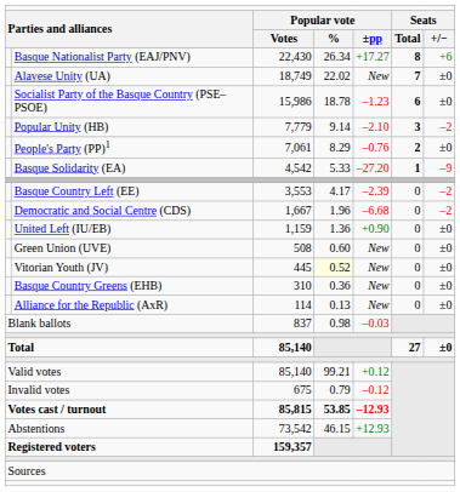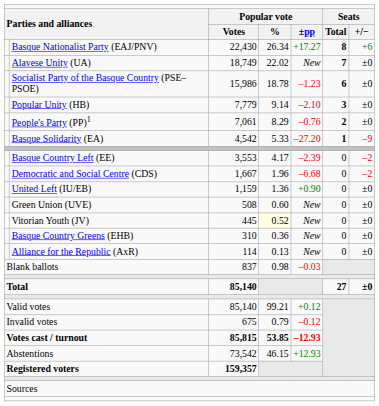 <table class="wikitable" style="text-align:right;">
 <tr>
 <td colspan="7"></td>
 </tr>
 <tr>
 <th style="text-align:left;" rowspan="2" colspan="2" width="525">Parties and alliances</th>
 <th colspan="3">Popular vote</th>
 <th colspan="2">Seats</th>
 </tr>
 <tr>
 <th width="75">Votes</th>
 <th width="45">%</th>
 <th width="45">±<a href='#'>pp</a></th>
 <th width="35">Total</th>
 <th width="35">+/−</th>
 </tr>
 <tr>
 <td width="1" style="color:inherit;background:"></td>
 <td align="left"><a href='#'>Basque Nationalist Party</a> (EAJ/PNV)</td>
 <td>22,430</td>
 <td>26.34</td>
 <td style="color:green;">+17.27</td>
 <td><strong>8</strong></td>
 <td style="color:green;">+6</td>
 </tr>
 <tr>
 <td style="color:inherit;background:"></td>
 <td align="left"><a href='#'>Alavese Unity</a> (UA)</td>
 <td>18,749</td>
 <td>22.02</td>
 <td><em>New</em></td>
 <td><strong>7</strong></td>
 <td>±0</td>
 </tr>
 <tr>
 <td style="color:inherit;background:"></td>
 <td align="left"><a href='#'>Socialist Party of the Basque Country</a> (PSE–PSOE)</td>
 <td>15,986</td>
 <td>18.78</td>
 <td style="color:red;">–1.23</td>
 <td><strong>6</strong></td>
 <td>±0</td>
 </tr>
 <tr>
 <td style="color:inherit;background:"></td>
 <td align="left"><a href='#'>Popular Unity</a> (HB)</td>
 <td>7,779</td>
 <td>9.14</td>
 <td style="color:red;">–2.10</td>
 <td><strong>3</strong></td>
-<td style="color:red;">–2</td>
+<td>±0</td>
 </tr>
 <tr>
 <td style="color:inherit;background:"></td>
 <td align="left"><a href='#'>People's Party</a> (PP)<sup>1</sup></td>
 <td>7,061</td>
 <td>8.29</td>
 <td style="color:red;">–0.76</td>
 <td><strong>2</strong></td>
 <td>±0</td>
 </tr>
 <tr>
 <td style="color:inherit;background:"></td>
 <td align="left"><a href='#'>Basque Solidarity</a> (EA)</td>
 <td>4,542</td>
 <td>5.33</td>
 <td style="color:red;">–27.20</td>
 <td><strong>1</strong></td>
 <td style="color:red;">–9</td>
 </tr>
 <tr>
 <td colspan="7" bgcolor="#C0C0C0"></td>
 </tr>
 <tr>
 <td style="color:inherit;background:"></td>
 <td align="left"><a href='#'>Basque Country Left</a> (EE)</td>
 <td>3,553</td>
 <td>4.17</td>
 <td style="color:red;">–2.39</td>
 <td>0</td>
 <td style="color:red;">–2</td>
 </tr>
 <tr>
 <td style="color:inherit;background:"></td>
 <td align="left"><a href='#'>Democratic and Social Centre</a> (CDS)</td>
 <td>1,667</td>
 <td>1.96</td>
 <td style="color:red;">–6.68</td>
 <td>0</td>
 <td style="color:red;">–2</td>
 </tr>
 <tr>
 <td style="color:inherit;background:"></td>
 <td align="left"><a href='#'>United Left</a> (IU/EB)</td>
 <td>1,159</td>
 <td>1.36</td>
 <td style="color:green;">+0.90</td>
 <td>0</td>
 <td>±0</td>
 </tr>
 <tr>
 <td style="color:inherit;background:"></td>
 <td align="left">Green Union (UVE)</td>
 <td>508</td>
 <td>0.60</td>
 <td><em>New</em></td>
 <td>0</td>
 <td>±0</td>
 </tr>
 <tr>
 <td bgcolor="white"></td>
 <td align="left">Vitorian Youth (JV)</td>
 <td>445</td>
 <td style="background: lightyellow;">0.52</td>
 <td><em>New</em></td>
 <td>0</td>
 <td>±0</td>
 </tr>
 <tr>
 <td style="color:inherit;background:"></td>
 <td align="left"><a href='#'>Basque Country Greens</a> (EHB)</td>
 <td>310</td>
 <td>0.36</td>
 <td><em>New</em></td>
 <td>0</td>
 <td>±0</td>
 </tr>
 <tr>
 <td style="color:inherit;background:"></td>
 <td align="left"><a href='#'>Alliance for the Republic</a> (AxR)</td>
 <td>114</td>
 <td>0.13</td>
 <td><em>New</em></td>
 <td>0</td>
 <td>±0</td>
 </tr>
 <tr>
 <td align="left" colspan="2">Blank ballots</td>
 <td>837</td>
 <td>0.98</td>
 <td style="color:red;">–0.03</td>
 <td bgcolor="#E9E9E9" colspan="2"></td>
 </tr>
 <tr>
 <td colspan="7" bgcolor="#E9E9E9"></td>
 </tr>
 <tr style="font-weight:bold;">
 <td align="left" colspan="2">Total</td>
 <td>85,140</td>
 <td bgcolor="#E9E9E9" colspan="2"></td>
 <td>27</td>
 <td>±0</td>
 </tr>
 <tr>
 <td colspan="7" bgcolor="#E9E9E9"></td>
 </tr>
 <tr>
 <td align="left" colspan="2">Valid votes</td>
 <td>85,140</td>
 <td>99.21</td>
 <td style="color:green;">+0.12</td>
 <td bgcolor="#E9E9E9" colspan="2" rowspan="5"></td>
 </tr>
 <tr>
 <td align="left" colspan="2">Invalid votes</td>
 <td>675</td>
 <td>0.79</td>
 <td style="color:red;">–0.12</td>
 </tr>
 <tr style="font-weight:bold;">
 <td align="left" colspan="2">Votes cast / turnout</td>
 <td>85,815</td>
 <td>53.85</td>
 <td style="color:red;">–12.93</td>
 </tr>
 <tr>
 <td align="left" colspan="2">Abstentions</td>
 <td>73,542</td>
 <td>46.15</td>
 <td style="color:green;">+12.93</td>
 </tr>
 <tr style="font-weight:bold;">
 <td align="left" colspan="2">Registered voters</td>
 <td>159,357</td>
 <td bgcolor="#E9E9E9" colspan="2"></td>
 </tr>
 <tr>
 <td colspan="7" bgcolor="#E9E9E9"></td>
 </tr>
 <tr>
 <td align="left" colspan="7">Sources</td>
 </tr>
 <tr>
 <td colspan="7" style="text-align:left; max-width:790px;"></td>
 </tr>
 </table>
